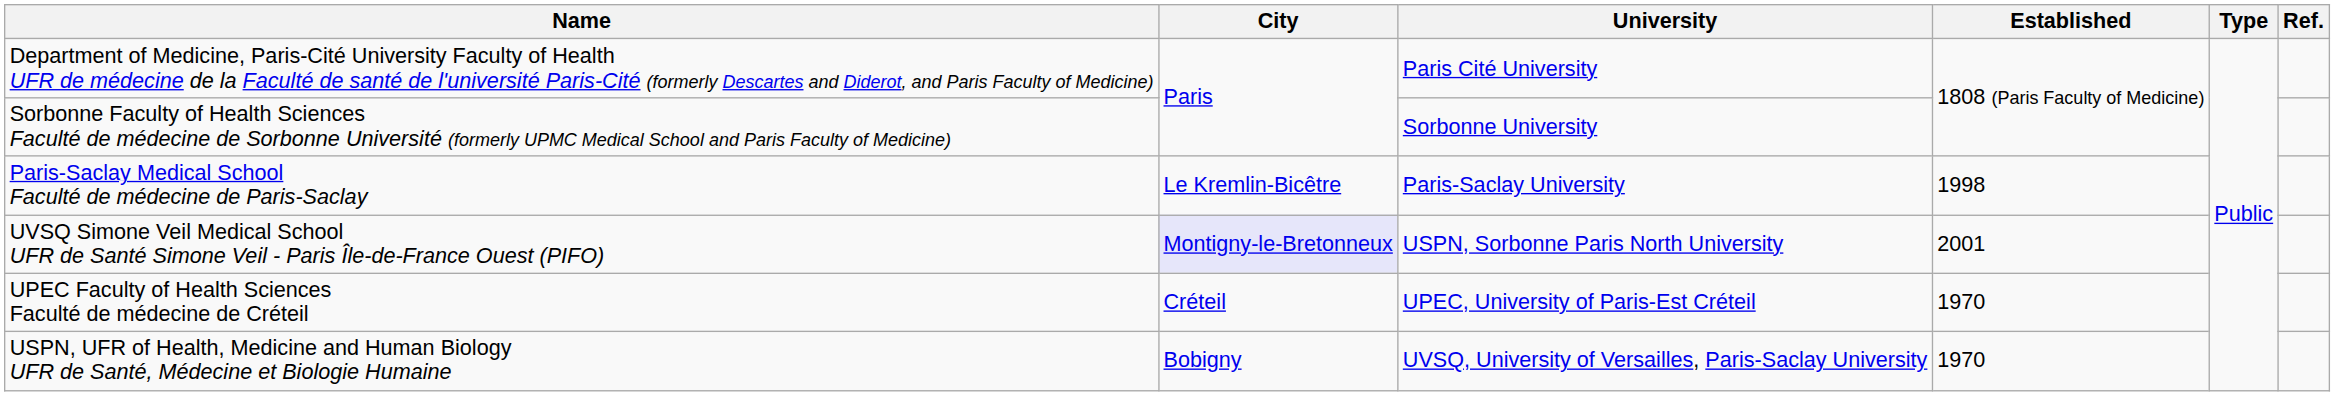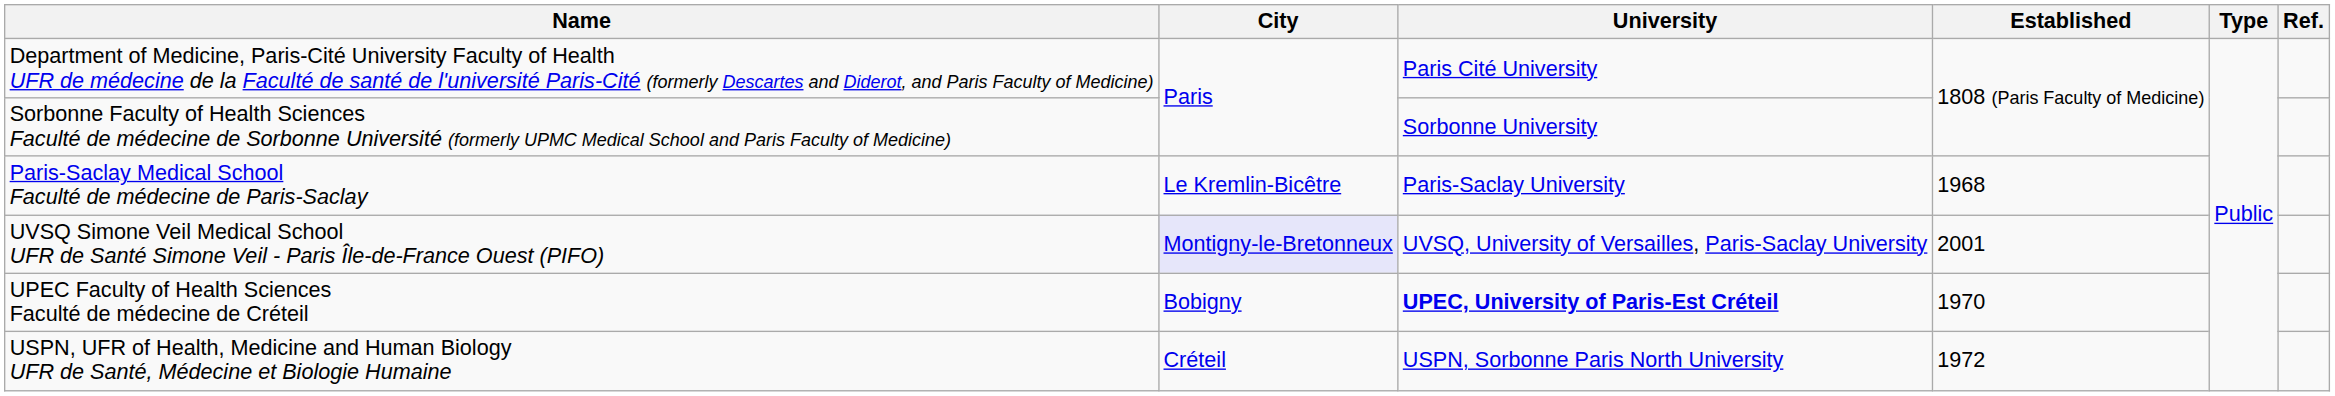 <table class="wikitable">
 <tr>
 <th>Name</th>
 <th>City</th>
 <th>University</th>
 <th>Established</th>
 <th>Type</th>
 <th>Ref.</th>
 </tr>
 <tr>
 <td>Department of Medicine, Paris-Cité University Faculty of Health<br><em><a href='#'>UFR de médecine</a> de la <a href='#'>Faculté de santé de l'université Paris-Cité</a> <small>(formerly <a href='#'>Descartes</a> and <a href='#'>Diderot</a>, and Paris Faculty of Medicine)</small></em></td>
 <td rowspan="2"><a href='#'>Paris</a></td>
 <td><a href='#'>Paris Cité University</a></td>
 <td rowspan="2">1808 <small>(Paris Faculty of Medicine)</small></td>
 <td rowspan="6"><a href='#'>Public</a></td>
 <td></td>
 </tr>
 <tr>
 <td>Sorbonne Faculty of Health Sciences<br><em>Faculté de médecine de Sorbonne Université <small>(formerly UPMC Medical School and Paris Faculty of Medicine)</small></em></td>
 <td><a href='#'>Sorbonne University</a></td>
 <td></td>
 </tr>
 <tr>
 <td><a href='#'>Paris-Saclay Medical School</a><br><em>Faculté de médecine de Paris-Saclay</em></td>
 <td><a href='#'>Le Kremlin-Bicêtre</a></td>
 <td><a href='#'>Paris-Saclay University</a></td>
-<td>1998</td>
+<td>1968</td>
 <td></td>
 </tr>
 <tr>
 <td>UVSQ Simone Veil Medical School<br><em>UFR de Santé Simone Veil - Paris Île-de-France Ouest (PIFO)</em></td>
 <td style="background: lavender;"><a href='#'>Montigny-le-Bretonneux</a></td>
-<td><a href='#'>USPN, Sorbonne Paris North University</a></td>
+<td><a href='#'>UVSQ, University of Versailles</a>, <a href='#'>Paris-Saclay University</a></td>
 <td>2001</td>
 <td></td>
 </tr>
 <tr>
 <td>UPEC Faculty of Health Sciences<br>Faculté de médecine de Créteil</td>
-<td><a href='#'>Créteil</a></td>
-<td><a href='#'>UPEC, University of Paris-Est Créteil</a></td>
+<td><a href='#'>Bobigny</a></td>
+<td><strong><a href='#'>UPEC, University of Paris-Est Créteil</a></strong></td>
 <td>1970</td>
 <td></td>
 </tr>
 <tr>
 <td>USPN, UFR of Health, Medicine and Human Biology<br><em>UFR de Santé, Médecine et Biologie Humaine</em></td>
-<td><a href='#'>Bobigny</a></td>
-<td><a href='#'>UVSQ, University of Versailles</a>, <a href='#'>Paris-Saclay University</a></td>
-<td>1970</td>
+<td><a href='#'>Créteil</a></td>
+<td><a href='#'>USPN, Sorbonne Paris North University</a></td>
+<td>1972</td>
 <td></td>
 </tr>
 </table>
